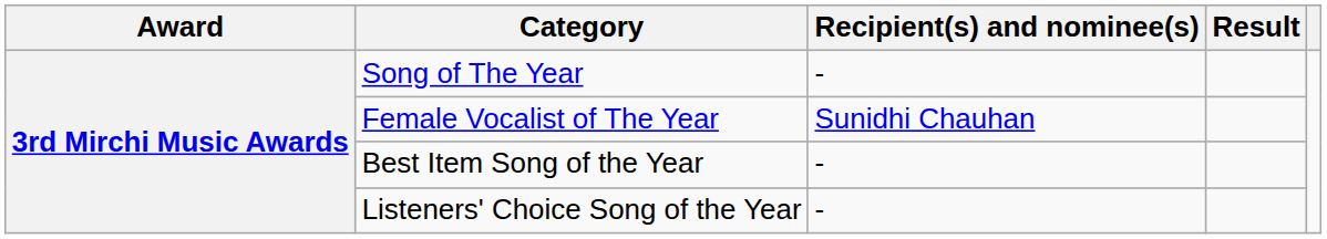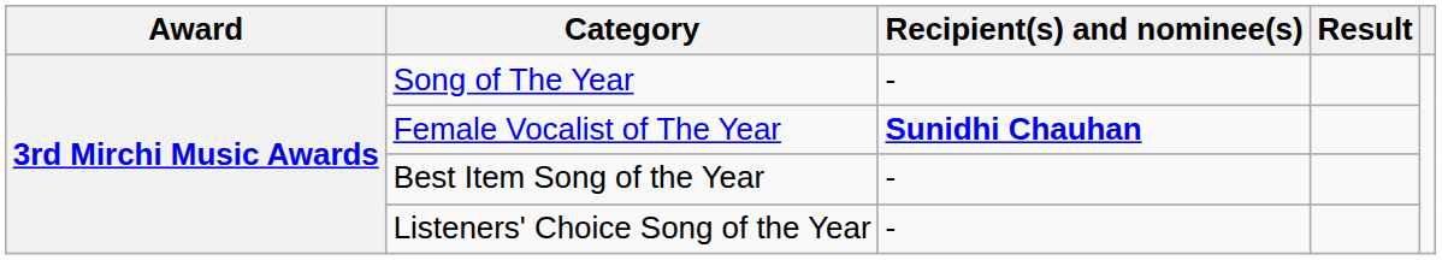 <table class="wikitable plainrowheaders sortable">
 <tr>
 <th scope="col">Award</th>
 <th scope="col">Category</th>
 <th scope="col">Recipient(s) and nominee(s)</th>
 <th scope="col">Result</th>
 <th scope="col" class="unsortable"></th>
 </tr>
 <tr>
 <th scope="row" rowspan="4"><a href='#'>3rd Mirchi Music Awards</a></th>
 <td><a href='#'>Song of The Year</a></td>
 <td>-</td>
 <td></td>
 <td rowspan="4"></td>
 </tr>
 <tr>
 <td><a href='#'>Female Vocalist of The Year</a></td>
-<td><a href='#'>Sunidhi Chauhan</a></td>
+<td><strong><a href='#'>Sunidhi Chauhan</a></strong></td>
 <td></td>
 </tr>
 <tr>
 <td>Best Item Song of the Year</td>
 <td>-</td>
 <td></td>
 </tr>
 <tr>
 <td>Listeners' Choice Song of the Year</td>
 <td>-</td>
 <td></td>
 </tr>
 </table>
